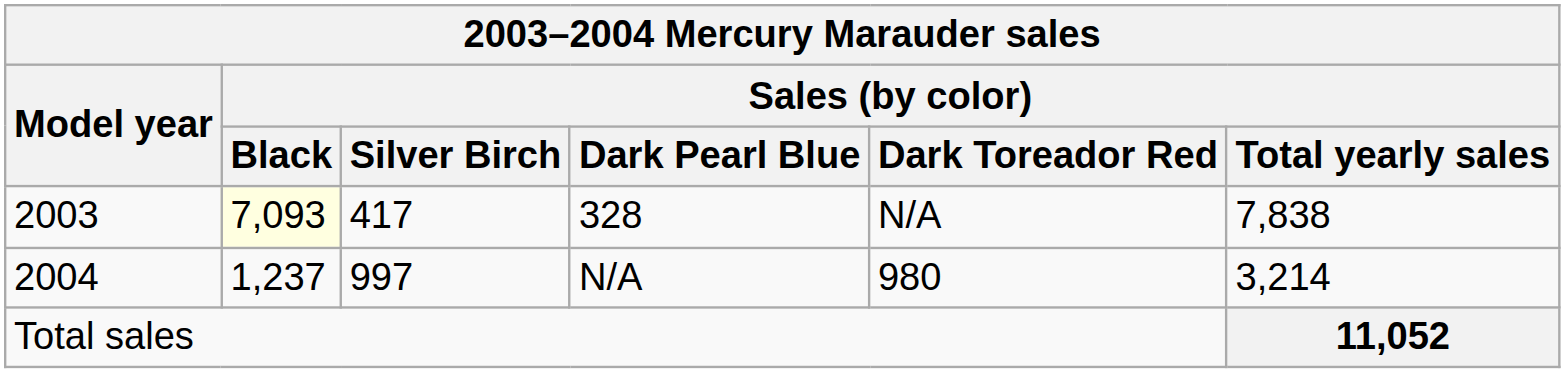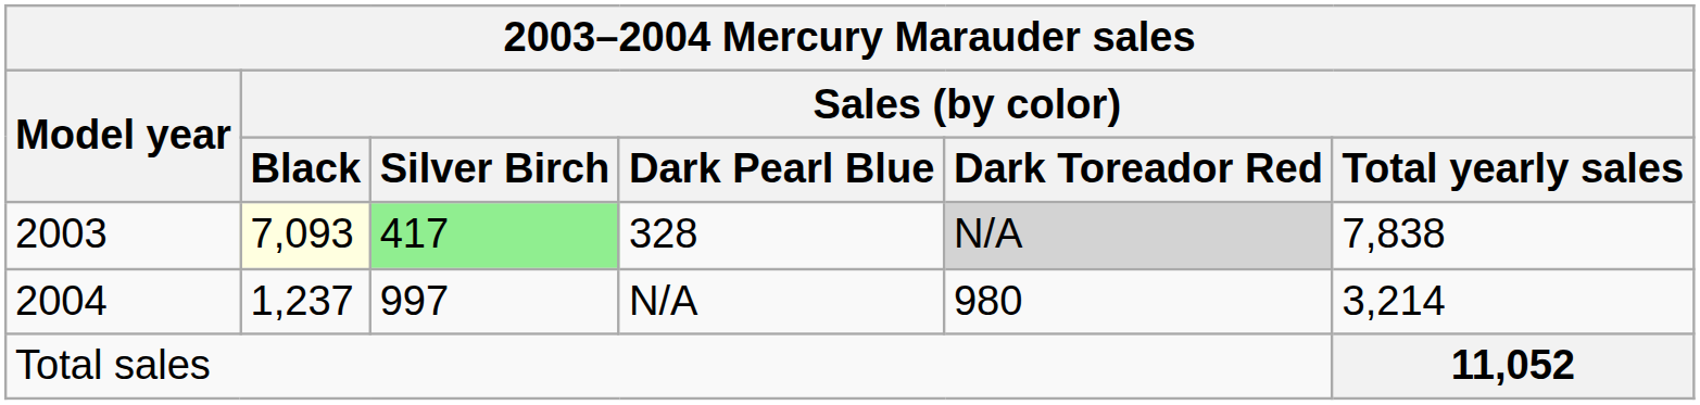 <table class="wikitable">
 <tr>
 <th colspan="6">2003–2004 Mercury Marauder sales</th>
 </tr>
 <tr>
 <th rowspan="2">Model year</th>
 <th colspan="5">Sales (by color)</th>
 </tr>
 <tr>
 <th>Black</th>
 <th>Silver Birch</th>
 <th>Dark Pearl Blue</th>
 <th>Dark Toreador Red</th>
 <th>Total yearly sales</th>
 </tr>
 <tr>
 <td>2003</td>
 <td style="background: lightyellow;">7,093</td>
-<td>417</td>
+<td style="background: lightgreen;">417</td>
 <td>328</td>
-<td>N/A</td>
+<td style="background: lightgrey;">N/A</td>
 <td>7,838</td>
 </tr>
 <tr>
 <td>2004</td>
 <td>1,237</td>
 <td>997</td>
 <td>N/A</td>
 <td>980</td>
 <td>3,214</td>
 </tr>
 <tr>
 <td colspan="5">Total sales</td>
 <th>11,052</th>
 </tr>
 </table>
